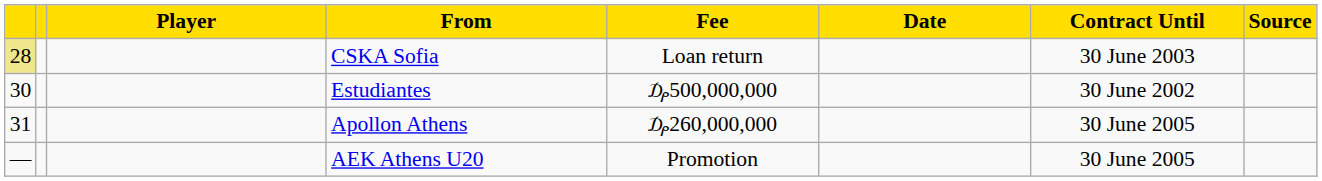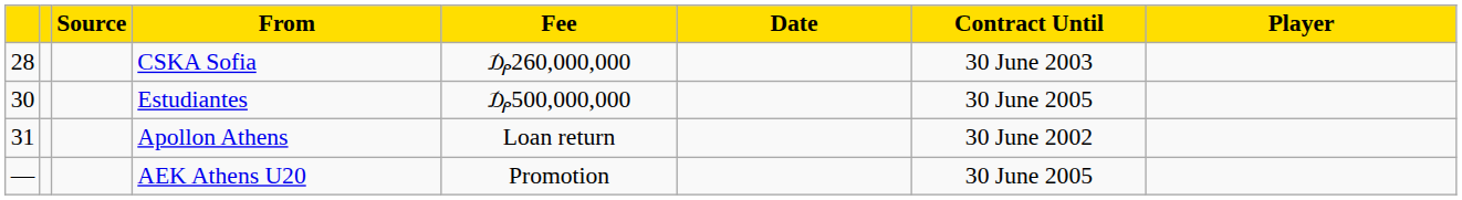 <table class="wikitable sortable">
 <tr>
 <th style="background:#FFDE00"></th>
 <th style="background:#FFDE00"></th>
-<th width=200 style="background:#FFDE00">Player</th>
+<th style="background:#FFDE00">Source</th>
 <th width=200 style="background:#FFDE00">From</th>
 <th width=150 style="background:#FFDE00">Fee</th>
 <th width=150 style="background:#FFDE00">Date</th>
 <th width=150 style="background:#FFDE00">Contract Until</th>
-<th style="background:#FFDE00">Source</th>
+<th width=200 style="background:#FFDE00">Player</th>
 </tr>
 <tr>
-<td align=center style="background: khaki;">28</td>
+<td align=center>28</td>
 <td align=center></td>
-<td></td>
+<td align=center></td>
 <td> <a href='#'>CSKA Sofia</a></td>
-<td align=center>Loan return</td>
+<td align=center>₯260,000,000</td>
 <td align=center></td>
 <td align=center>30 June 2003</td>
-<td align=center></td>
+<td></td>
 </tr>
 <tr>
 <td align=center>30</td>
 <td align=center></td>
-<td></td>
+<td align=center></td>
 <td> <a href='#'>Estudiantes</a></td>
 <td align=center>₯500,000,000</td>
 <td align=center></td>
-<td align=center>30 June 2002</td>
-<td align=center></td>
+<td align=center>30 June 2005</td>
+<td></td>
 </tr>
 <tr>
 <td align=center>31</td>
 <td align=center></td>
+<td align=center></td>
+<td> <a href='#'>Apollon Athens</a></td>
+<td align=center>Loan return</td>
+<td align=center></td>
+<td align=center>30 June 2002</td>
 <td></td>
-<td> <a href='#'>Apollon Athens</a></td>
-<td align=center>₯260,000,000</td>
-<td align=center></td>
-<td align=center>30 June 2005</td>
-<td align=center></td>
 </tr>
 <tr>
 <td align=center>—</td>
 <td align=center></td>
-<td></td>
+<td align=center></td>
 <td> <a href='#'>AEK Athens U20</a></td>
 <td align=center>Promotion</td>
 <td align=center></td>
 <td align=center>30 June 2005</td>
-<td align=center></td>
+<td></td>
 </tr>
 </table>
